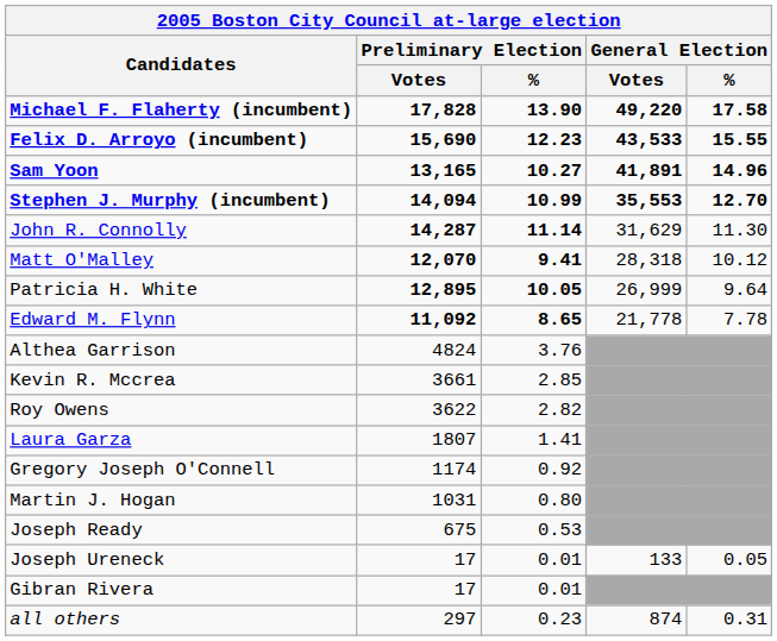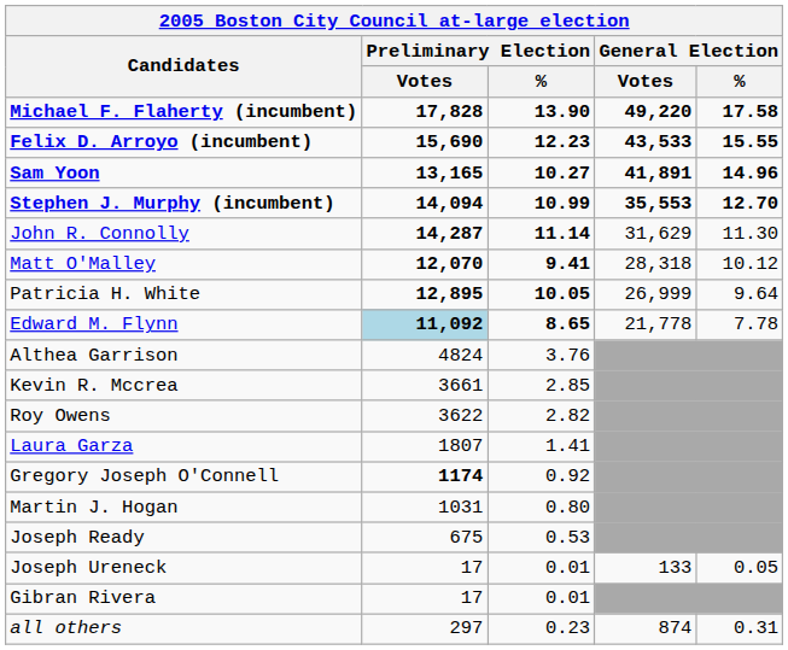 <table class=wikitable>
 <tr>
 <th colspan=5><a href='#'>2005 Boston City Council at-large election</a></th>
 </tr>
 <tr>
 <th rowspan="2"><strong>Candidates</strong></th>
 <th colspan=2><strong>Preliminary Election</strong></th>
 <th colspan=2><strong>General Election</strong></th>
 </tr>
 <tr>
 <th>Votes</th>
 <th>%</th>
 <th>Votes</th>
 <th>%</th>
 </tr>
 <tr>
 <td><strong><a href='#'>Michael F. Flaherty</a> (incumbent)</strong></td>
 <td style="text-align:right;"><strong>17,828</strong></td>
 <td style="text-align:right;"><strong>13.90</strong></td>
 <td style="text-align:right;"><strong>49,220</strong></td>
 <td style="text-align:right;"><strong>17.58</strong></td>
 </tr>
 <tr>
 <td><strong><a href='#'>Felix D. Arroyo</a> (incumbent)</strong></td>
 <td style="text-align:right;"><strong>15,690</strong></td>
 <td style="text-align:right;"><strong>12.23</strong></td>
 <td style="text-align:right;"><strong>43,533</strong></td>
 <td style="text-align:right;"><strong>15.55</strong></td>
 </tr>
 <tr>
 <td><strong><a href='#'>Sam Yoon</a></strong></td>
 <td style="text-align:right;"><strong>13,165</strong></td>
 <td style="text-align:right;"><strong>10.27</strong></td>
 <td style="text-align:right;"><strong>41,891</strong></td>
 <td style="text-align:right;"><strong>14.96</strong></td>
 </tr>
 <tr>
 <td><strong><a href='#'>Stephen J. Murphy</a> (incumbent)</strong></td>
 <td style="text-align:right;"><strong>14,094</strong></td>
 <td style="text-align:right;"><strong>10.99</strong></td>
 <td style="text-align:right;"><strong>35,553</strong></td>
 <td style="text-align:right;"><strong>12.70</strong></td>
 </tr>
 <tr>
 <td><a href='#'>John R. Connolly</a></td>
 <td style="text-align:right;"><strong>14,287</strong></td>
 <td style="text-align:right;"><strong>11.14</strong></td>
 <td style="text-align:right;">31,629</td>
 <td style="text-align:right;">11.30</td>
 </tr>
 <tr>
 <td><a href='#'>Matt O'Malley</a></td>
 <td style="text-align:right;"><strong>12,070</strong></td>
 <td style="text-align:right;"><strong>9.41</strong></td>
 <td style="text-align:right;">28,318</td>
 <td style="text-align:right;">10.12</td>
 </tr>
 <tr>
 <td>Patricia H. White</td>
 <td style="text-align:right;"><strong>12,895</strong></td>
 <td style="text-align:right;"><strong>10.05</strong></td>
 <td style="text-align:right;">26,999</td>
 <td style="text-align:right;">9.64</td>
 </tr>
 <tr>
 <td><a href='#'>Edward M. Flynn</a></td>
-<td style="text-align:right;"><strong>11,092</strong></td>
+<td style="background: lightblue; text-align:right;"><strong>11,092</strong></td>
 <td style="text-align:right;"><strong>8.65</strong></td>
 <td style="text-align:right;">21,778</td>
 <td style="text-align:right;">7.78</td>
 </tr>
 <tr>
 <td>Althea Garrison</td>
 <td style="text-align:right;">4824</td>
 <td style="text-align:right;">3.76</td>
 <td colspan="2" style="background:darkgrey;"> </td>
 </tr>
 <tr>
 <td>Kevin R. Mccrea</td>
 <td style="text-align:right;">3661</td>
 <td style="text-align:right;">2.85</td>
 <td colspan="2" style="background:darkgrey;"> </td>
 </tr>
 <tr>
 <td>Roy Owens</td>
 <td style="text-align:right;">3622</td>
 <td style="text-align:right;">2.82</td>
 <td colspan="2" style="background:darkgrey;"> </td>
 </tr>
 <tr>
 <td><a href='#'>Laura Garza</a></td>
 <td style="text-align:right;">1807</td>
 <td style="text-align:right;">1.41</td>
 <td colspan="2" style="background:darkgrey;"> </td>
 </tr>
 <tr>
 <td>Gregory Joseph O'Connell</td>
-<td style="text-align:right;">1174</td>
+<td style="text-align:right;"><strong>1174</strong></td>
 <td style="text-align:right;">0.92</td>
 <td colspan="2" style="background:darkgrey;"> </td>
 </tr>
 <tr>
 <td>Martin J. Hogan</td>
 <td style="text-align:right;">1031</td>
 <td style="text-align:right;">0.80</td>
 <td colspan="2" style="background:darkgrey;"> </td>
 </tr>
 <tr>
 <td>Joseph Ready</td>
 <td style="text-align:right;">675</td>
 <td style="text-align:right;">0.53</td>
 <td colspan="2" style="background:darkgrey;"> </td>
 </tr>
 <tr>
 <td>Joseph Ureneck</td>
 <td style="text-align:right;">17</td>
 <td style="text-align:right;">0.01</td>
 <td style="text-align:right;">133</td>
 <td style="text-align:right;">0.05</td>
 </tr>
 <tr>
 <td>Gibran Rivera</td>
 <td style="text-align:right;">17</td>
 <td style="text-align:right;">0.01</td>
 <td colspan="2" style="background:darkgrey;"> </td>
 </tr>
 <tr>
 <td><em>all others</em></td>
 <td style="text-align:right;">297</td>
 <td style="text-align:right;">0.23</td>
 <td style="text-align:right;">874</td>
 <td style="text-align:right;">0.31</td>
 </tr>
 </table>
